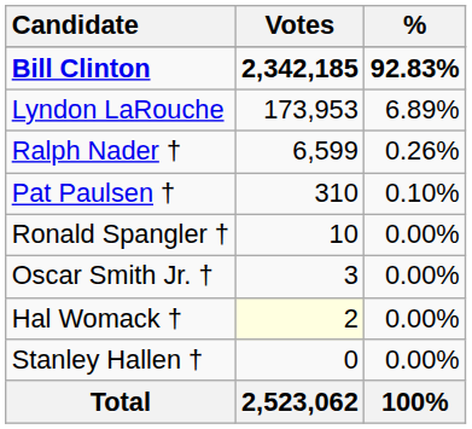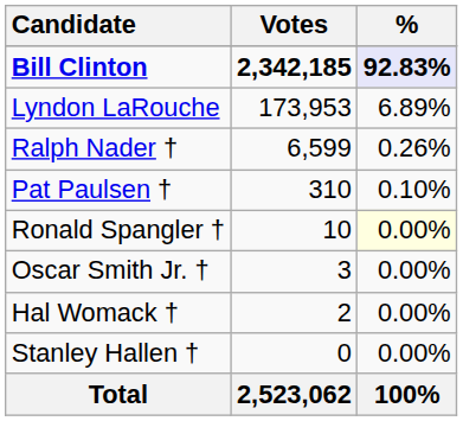 <table class="wikitable sortable plainrowheaders" style="text-align:right;">
 <tr>
 <th style="text-align:left;">Candidate</th>
 <th>Votes</th>
 <th>%</th>
 </tr>
 <tr>
 </tr>
 <tr>
 <td style="text-align:left;"><strong><a href='#'>Bill Clinton</a></strong></td>
 <td><strong>2,342,185</strong></td>
-<td><strong>92.83%</strong></td>
+<td style="background: lavender;"><strong>92.83%</strong></td>
 </tr>
 <tr>
 <td style="text-align:left;"><a href='#'>Lyndon LaRouche</a></td>
 <td>173,953</td>
 <td>6.89%</td>
 </tr>
 <tr>
 <td style="text-align:left;"><a href='#'>Ralph Nader</a> †</td>
 <td>6,599</td>
 <td>0.26%</td>
 </tr>
 <tr>
 <td style="text-align:left;"><a href='#'>Pat Paulsen</a> †</td>
 <td>310</td>
 <td>0.10%</td>
 </tr>
 <tr>
 <td style="text-align:left;">Ronald Spangler †</td>
 <td>10</td>
-<td>0.00%</td>
+<td style="background: lightyellow;">0.00%</td>
 </tr>
 <tr>
 <td style="text-align:left;">Oscar Smith Jr. †</td>
 <td>3</td>
 <td>0.00%</td>
 </tr>
 <tr>
 <td style="text-align:left;">Hal Womack †</td>
-<td style="background: lightyellow;">2</td>
+<td>2</td>
 <td>0.00%</td>
 </tr>
 <tr>
 <td style="text-align:left;">Stanley Hallen †</td>
 <td>0</td>
 <td>0.00%</td>
 </tr>
 <tr class="sortbottom">
 <th>Total</th>
 <th>2,523,062</th>
 <th>100%</th>
 </tr>
 </table>
